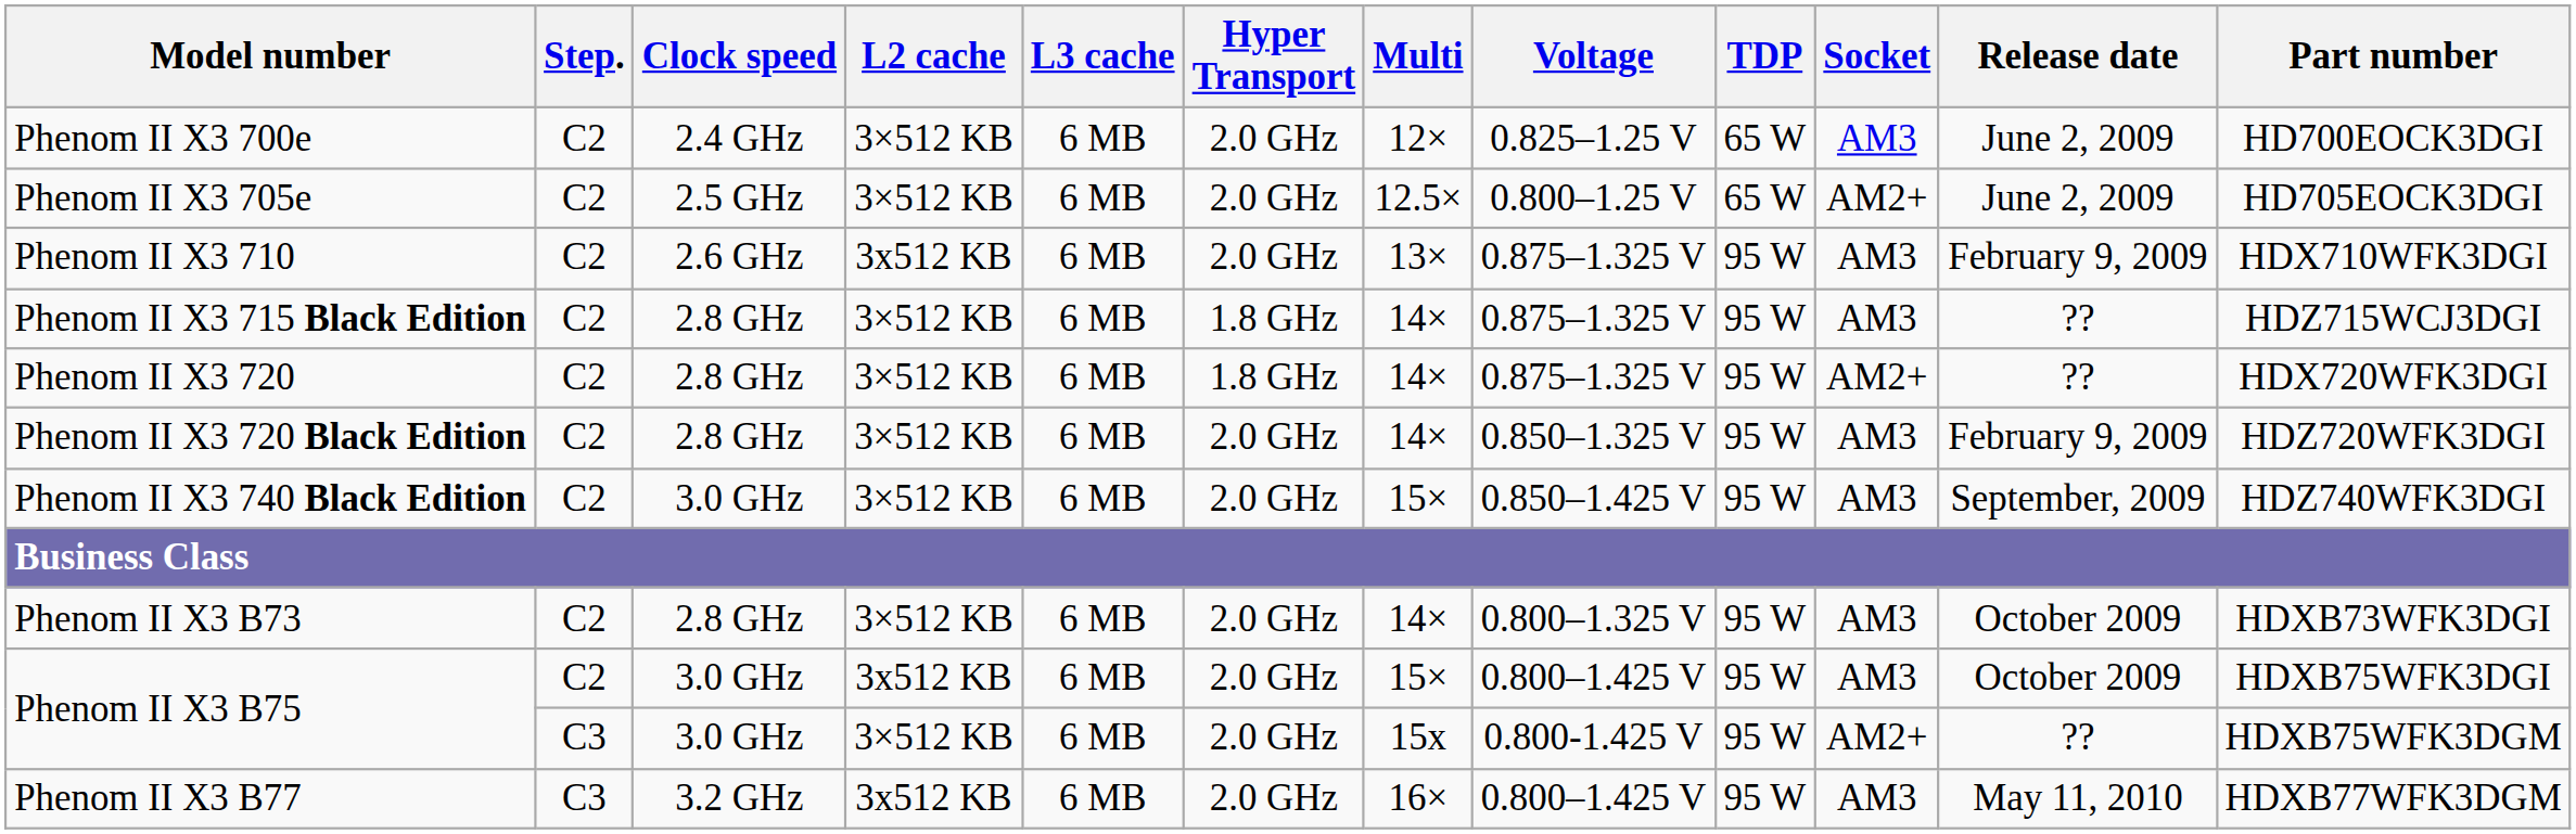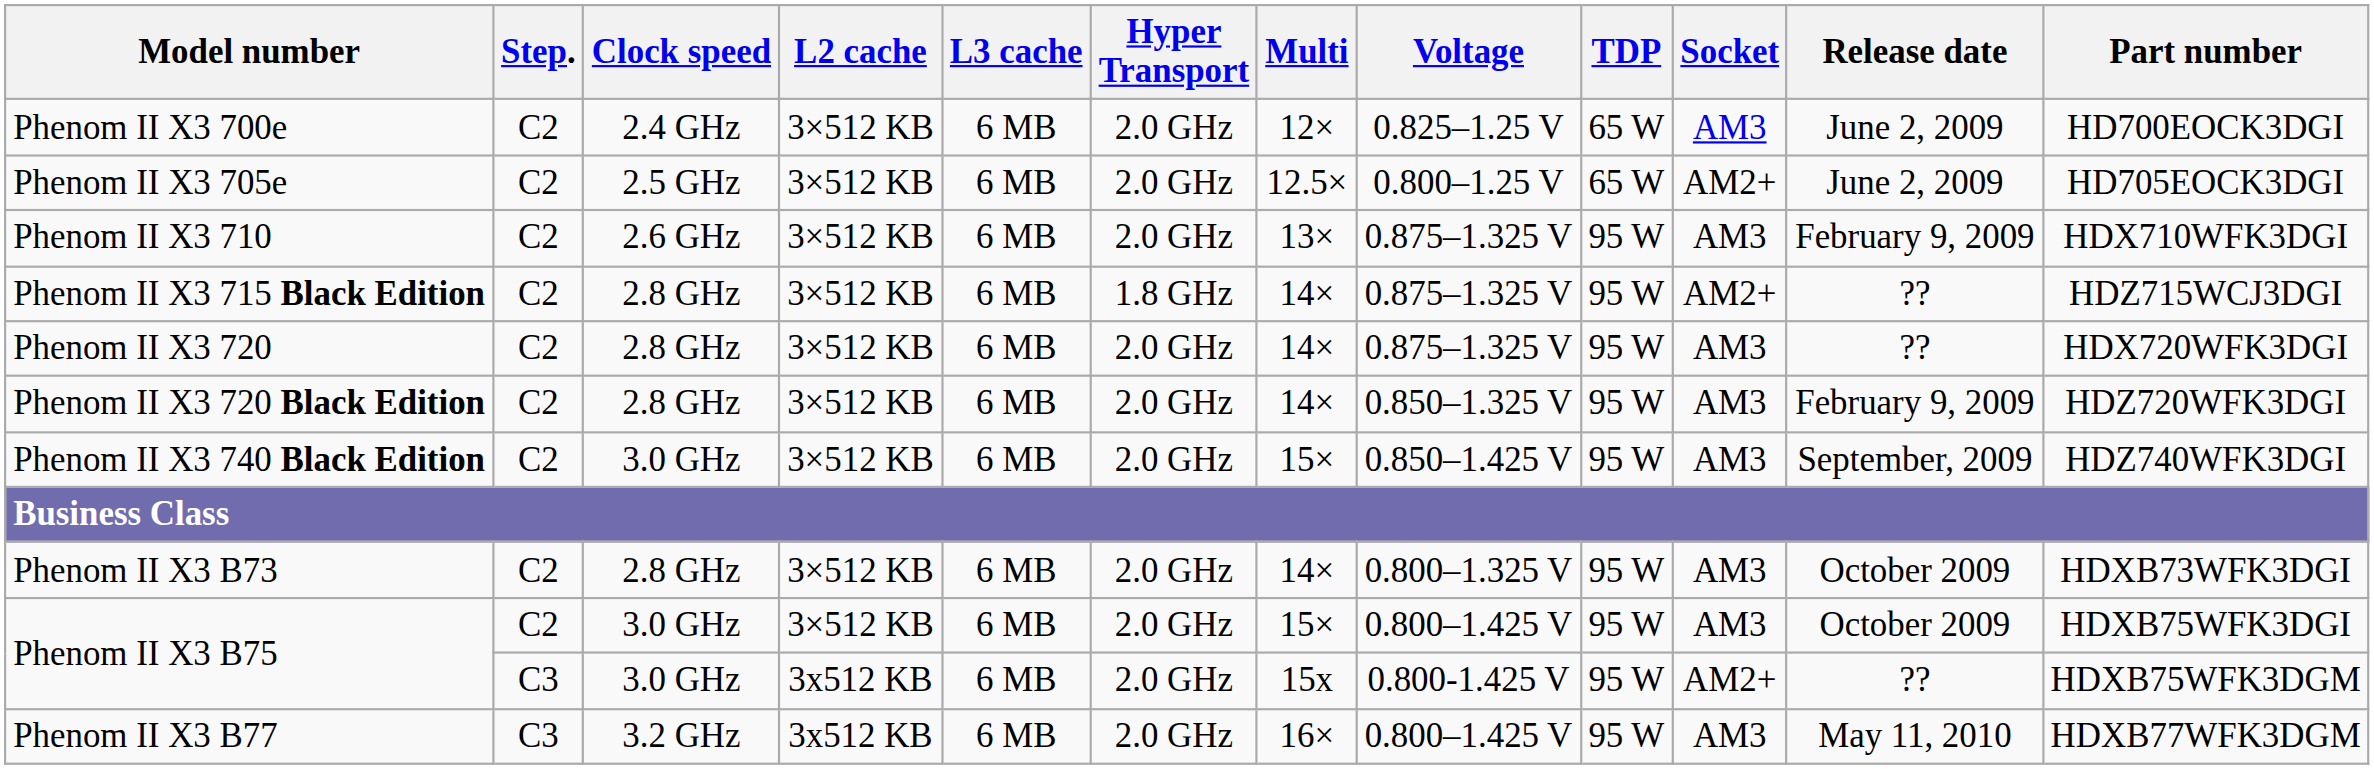 <table class="wikitable" style="text-align: center">
 <tr>
 <th>Model number</th>
 <th><a href='#'>Step</a>.</th>
 <th><a href='#'>Clock speed</a></th>
 <th><a href='#'>L2 cache</a></th>
 <th><a href='#'>L3 cache</a></th>
 <th><a href='#'>Hyper<br>Transport</a></th>
 <th><a href='#'>Multi</a></th>
 <th><a href='#'>Voltage</a></th>
 <th><a href='#'>TDP</a></th>
 <th><a href='#'>Socket</a></th>
 <th>Release date</th>
 <th>Part number</th>
 </tr>
 <tr>
 <td style="text-align:left">Phenom II X3 700e</td>
 <td>C2</td>
 <td>2.4 GHz</td>
 <td style="white-space: nowrap;">3×512 KB</td>
 <td>6 MB</td>
 <td>2.0 GHz</td>
 <td>12×</td>
 <td>0.825–1.25 V</td>
 <td style="white-space: nowrap;">65 W</td>
 <td><a href='#'>AM3</a></td>
 <td>June 2, 2009</td>
 <td>HD700EOCK3DGI</td>
 </tr>
 <tr>
 <td style="text-align:left">Phenom II X3 705e</td>
 <td>C2</td>
 <td>2.5 GHz</td>
 <td>3×512 KB</td>
 <td>6 MB</td>
 <td>2.0 GHz</td>
 <td>12.5×</td>
 <td>0.800–1.25 V</td>
 <td>65 W</td>
 <td>AM2+</td>
 <td>June 2, 2009</td>
 <td>HD705EOCK3DGI</td>
 </tr>
 <tr>
 <td style="text-align:left">Phenom II X3 710</td>
 <td>C2</td>
 <td>2.6 GHz</td>
-<td>3x512 KB</td>
+<td>3×512 KB</td>
 <td>6 MB</td>
 <td>2.0 GHz</td>
 <td>13×</td>
 <td>0.875–1.325 V</td>
 <td>95 W</td>
 <td>AM3</td>
 <td>February 9, 2009</td>
 <td>HDX710WFK3DGI</td>
 </tr>
 <tr>
 <td style="text-align:left">Phenom II X3 715 <strong>Black Edition</strong></td>
 <td>C2</td>
 <td>2.8 GHz</td>
 <td>3×512 KB</td>
 <td>6 MB</td>
 <td>1.8 GHz</td>
 <td>14×</td>
 <td>0.875–1.325 V</td>
 <td>95 W</td>
-<td>AM3</td>
+<td>AM2+</td>
 <td>??</td>
 <td>HDZ715WCJ3DGI</td>
 </tr>
 <tr>
 <td style="text-align:left">Phenom II X3 720</td>
 <td>C2</td>
 <td>2.8 GHz</td>
 <td>3×512 KB</td>
 <td>6 MB</td>
-<td>1.8 GHz</td>
+<td>2.0 GHz</td>
 <td>14×</td>
 <td>0.875–1.325 V</td>
 <td>95 W</td>
-<td>AM2+</td>
+<td>AM3</td>
 <td>??</td>
 <td>HDX720WFK3DGI</td>
 </tr>
 <tr>
 <td style="text-align:left">Phenom II X3 720 <strong>Black Edition</strong></td>
 <td>C2</td>
 <td>2.8 GHz</td>
 <td>3×512 KB</td>
 <td>6 MB</td>
 <td>2.0 GHz</td>
 <td>14×</td>
 <td>0.850–1.325 V</td>
 <td>95 W</td>
 <td>AM3</td>
 <td>February 9, 2009</td>
 <td>HDZ720WFK3DGI</td>
 </tr>
 <tr>
 <td style="text-align:left">Phenom II X3 740 <strong>Black Edition</strong></td>
 <td>C2</td>
 <td>3.0 GHz</td>
 <td>3×512 KB</td>
 <td>6 MB</td>
 <td>2.0 GHz</td>
 <td>15×</td>
 <td>0.850–1.425 V</td>
 <td>95 W</td>
 <td>AM3</td>
 <td>September, 2009</td>
 <td>HDZ740WFK3DGI</td>
 </tr>
 <tr>
 <td style="text-align: left; background-color: #716cae; color: white;" colspan="12"><strong>Business Class</strong></td>
 </tr>
 <tr>
 <td style="text-align:left">Phenom II X3 B73</td>
 <td>C2</td>
 <td>2.8 GHz</td>
 <td>3×512 KB</td>
 <td>6 MB</td>
 <td>2.0 GHz</td>
 <td>14×</td>
 <td style="white-space: nowrap;">0.800–1.325 V</td>
 <td>95 W</td>
 <td>AM3</td>
 <td>October 2009</td>
 <td>HDXB73WFK3DGI</td>
 </tr>
 <tr>
 <td rowspan="2" style="text-align:left">Phenom II X3 B75</td>
 <td>C2</td>
 <td>3.0 GHz</td>
-<td>3x512 KB</td>
+<td>3×512 KB</td>
 <td>6 MB</td>
 <td>2.0 GHz</td>
 <td>15×</td>
 <td>0.800–1.425 V</td>
 <td>95 W</td>
 <td>AM3</td>
 <td>October 2009</td>
 <td>HDXB75WFK3DGI</td>
 </tr>
 <tr>
 <td>C3</td>
 <td>3.0 GHz</td>
-<td>3×512 KB</td>
+<td>3x512 KB</td>
 <td>6 MB</td>
 <td>2.0 GHz</td>
 <td>15x</td>
 <td>0.800-1.425 V</td>
 <td>95 W</td>
 <td>AM2+</td>
 <td>??</td>
 <td>HDXB75WFK3DGM</td>
 </tr>
 <tr>
 <td style="text-align:left">Phenom II X3 B77</td>
 <td>C3</td>
 <td>3.2 GHz</td>
 <td>3x512 KB</td>
 <td>6 MB</td>
 <td>2.0 GHz</td>
 <td>16×</td>
 <td>0.800–1.425 V</td>
 <td>95 W</td>
 <td>AM3</td>
 <td>May 11, 2010</td>
 <td>HDXB77WFK3DGM</td>
 </tr>
 </table>
